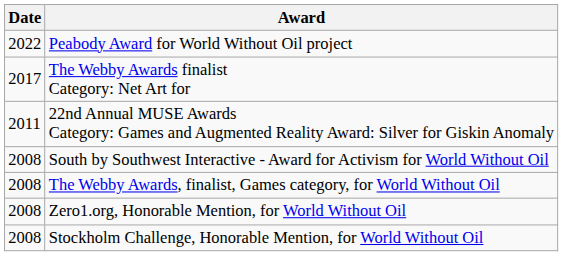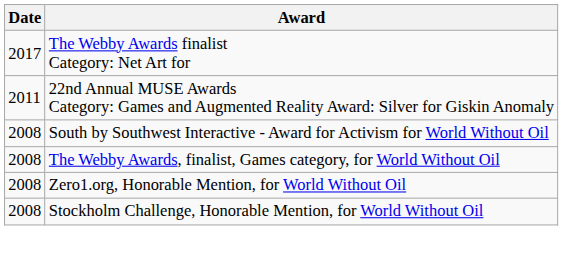 <table class="wikitable">
 <tr>
 <th><strong>Date</strong></th>
 <th><strong>Award</strong></th>
-</tr>
-<tr>
-<td>2022</td>
-<td><a href='#'>Peabody Award</a> for World Without Oil project</td>
 </tr>
 <tr>
 <td>2017</td>
 <td><a href='#'>The Webby Awards</a> finalist<br>Category: Net Art for   </td>
 </tr>
 <tr>
 <td>2011</td>
 <td>22nd Annual MUSE Awards<br>Category: Games and Augmented Reality  Award: Silver for Giskin Anomaly</td>
 </tr>
 <tr>
 <td>2008</td>
 <td>South by Southwest Interactive - Award for Activism for <a href='#'>World Without Oil</a></td>
 </tr>
 <tr>
 <td>2008</td>
 <td><a href='#'>The Webby Awards</a>, finalist, Games category, for <a href='#'>World Without Oil</a></td>
 </tr>
 <tr>
 <td>2008</td>
 <td>Zero1.org, Honorable Mention, for <a href='#'>World Without Oil</a></td>
 </tr>
 <tr>
 <td>2008</td>
 <td>Stockholm Challenge, Honorable Mention, for <a href='#'>World Without Oil</a></td>
 </tr>
 </table>
